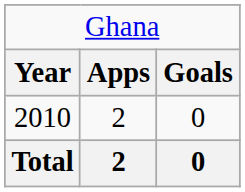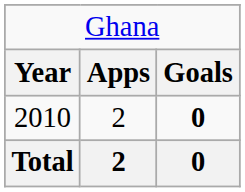 <table class="wikitable" style="text-align:center">
 <tr>
 <td colspan="3"><a href='#'>Ghana</a></td>
 </tr>
 <tr>
 <th>Year</th>
 <th>Apps</th>
 <th>Goals</th>
 </tr>
 <tr>
 <td>2010</td>
 <td>2</td>
-<td>0</td>
+<td><strong>0</strong></td>
 </tr>
 <tr>
 <th>Total</th>
 <th>2</th>
 <th>0</th>
 </tr>
 </table>
